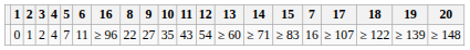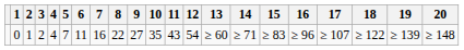 <table class="wikitable">
 <tr>
 <th></th>
 <th>1</th>
 <th>2</th>
 <th>3</th>
 <th>4</th>
 <th>5</th>
 <th>6</th>
-<th>16</th>
+<th>7</th>
 <th>8</th>
 <th>9</th>
 <th>10</th>
 <th>11</th>
 <th>12</th>
 <th>13</th>
 <th>14</th>
 <th>15</th>
-<th>7</th>
+<th>16</th>
 <th>17</th>
 <th>18</th>
 <th>19</th>
 <th>20</th>
 </tr>
 <tr>
 <td></td>
 <td>0</td>
 <td>1</td>
 <td>2</td>
 <td>4</td>
 <td>7</td>
 <td>11</td>
-<td>≥ 96</td>
+<td>16</td>
 <td>22</td>
 <td>27</td>
 <td>35</td>
 <td>43</td>
 <td>54</td>
 <td>≥ 60</td>
 <td>≥ 71</td>
 <td>≥ 83</td>
-<td>16</td>
+<td>≥ 96</td>
 <td>≥ 107</td>
 <td>≥ 122</td>
 <td>≥ 139</td>
 <td>≥ 148</td>
 </tr>
 </table>
